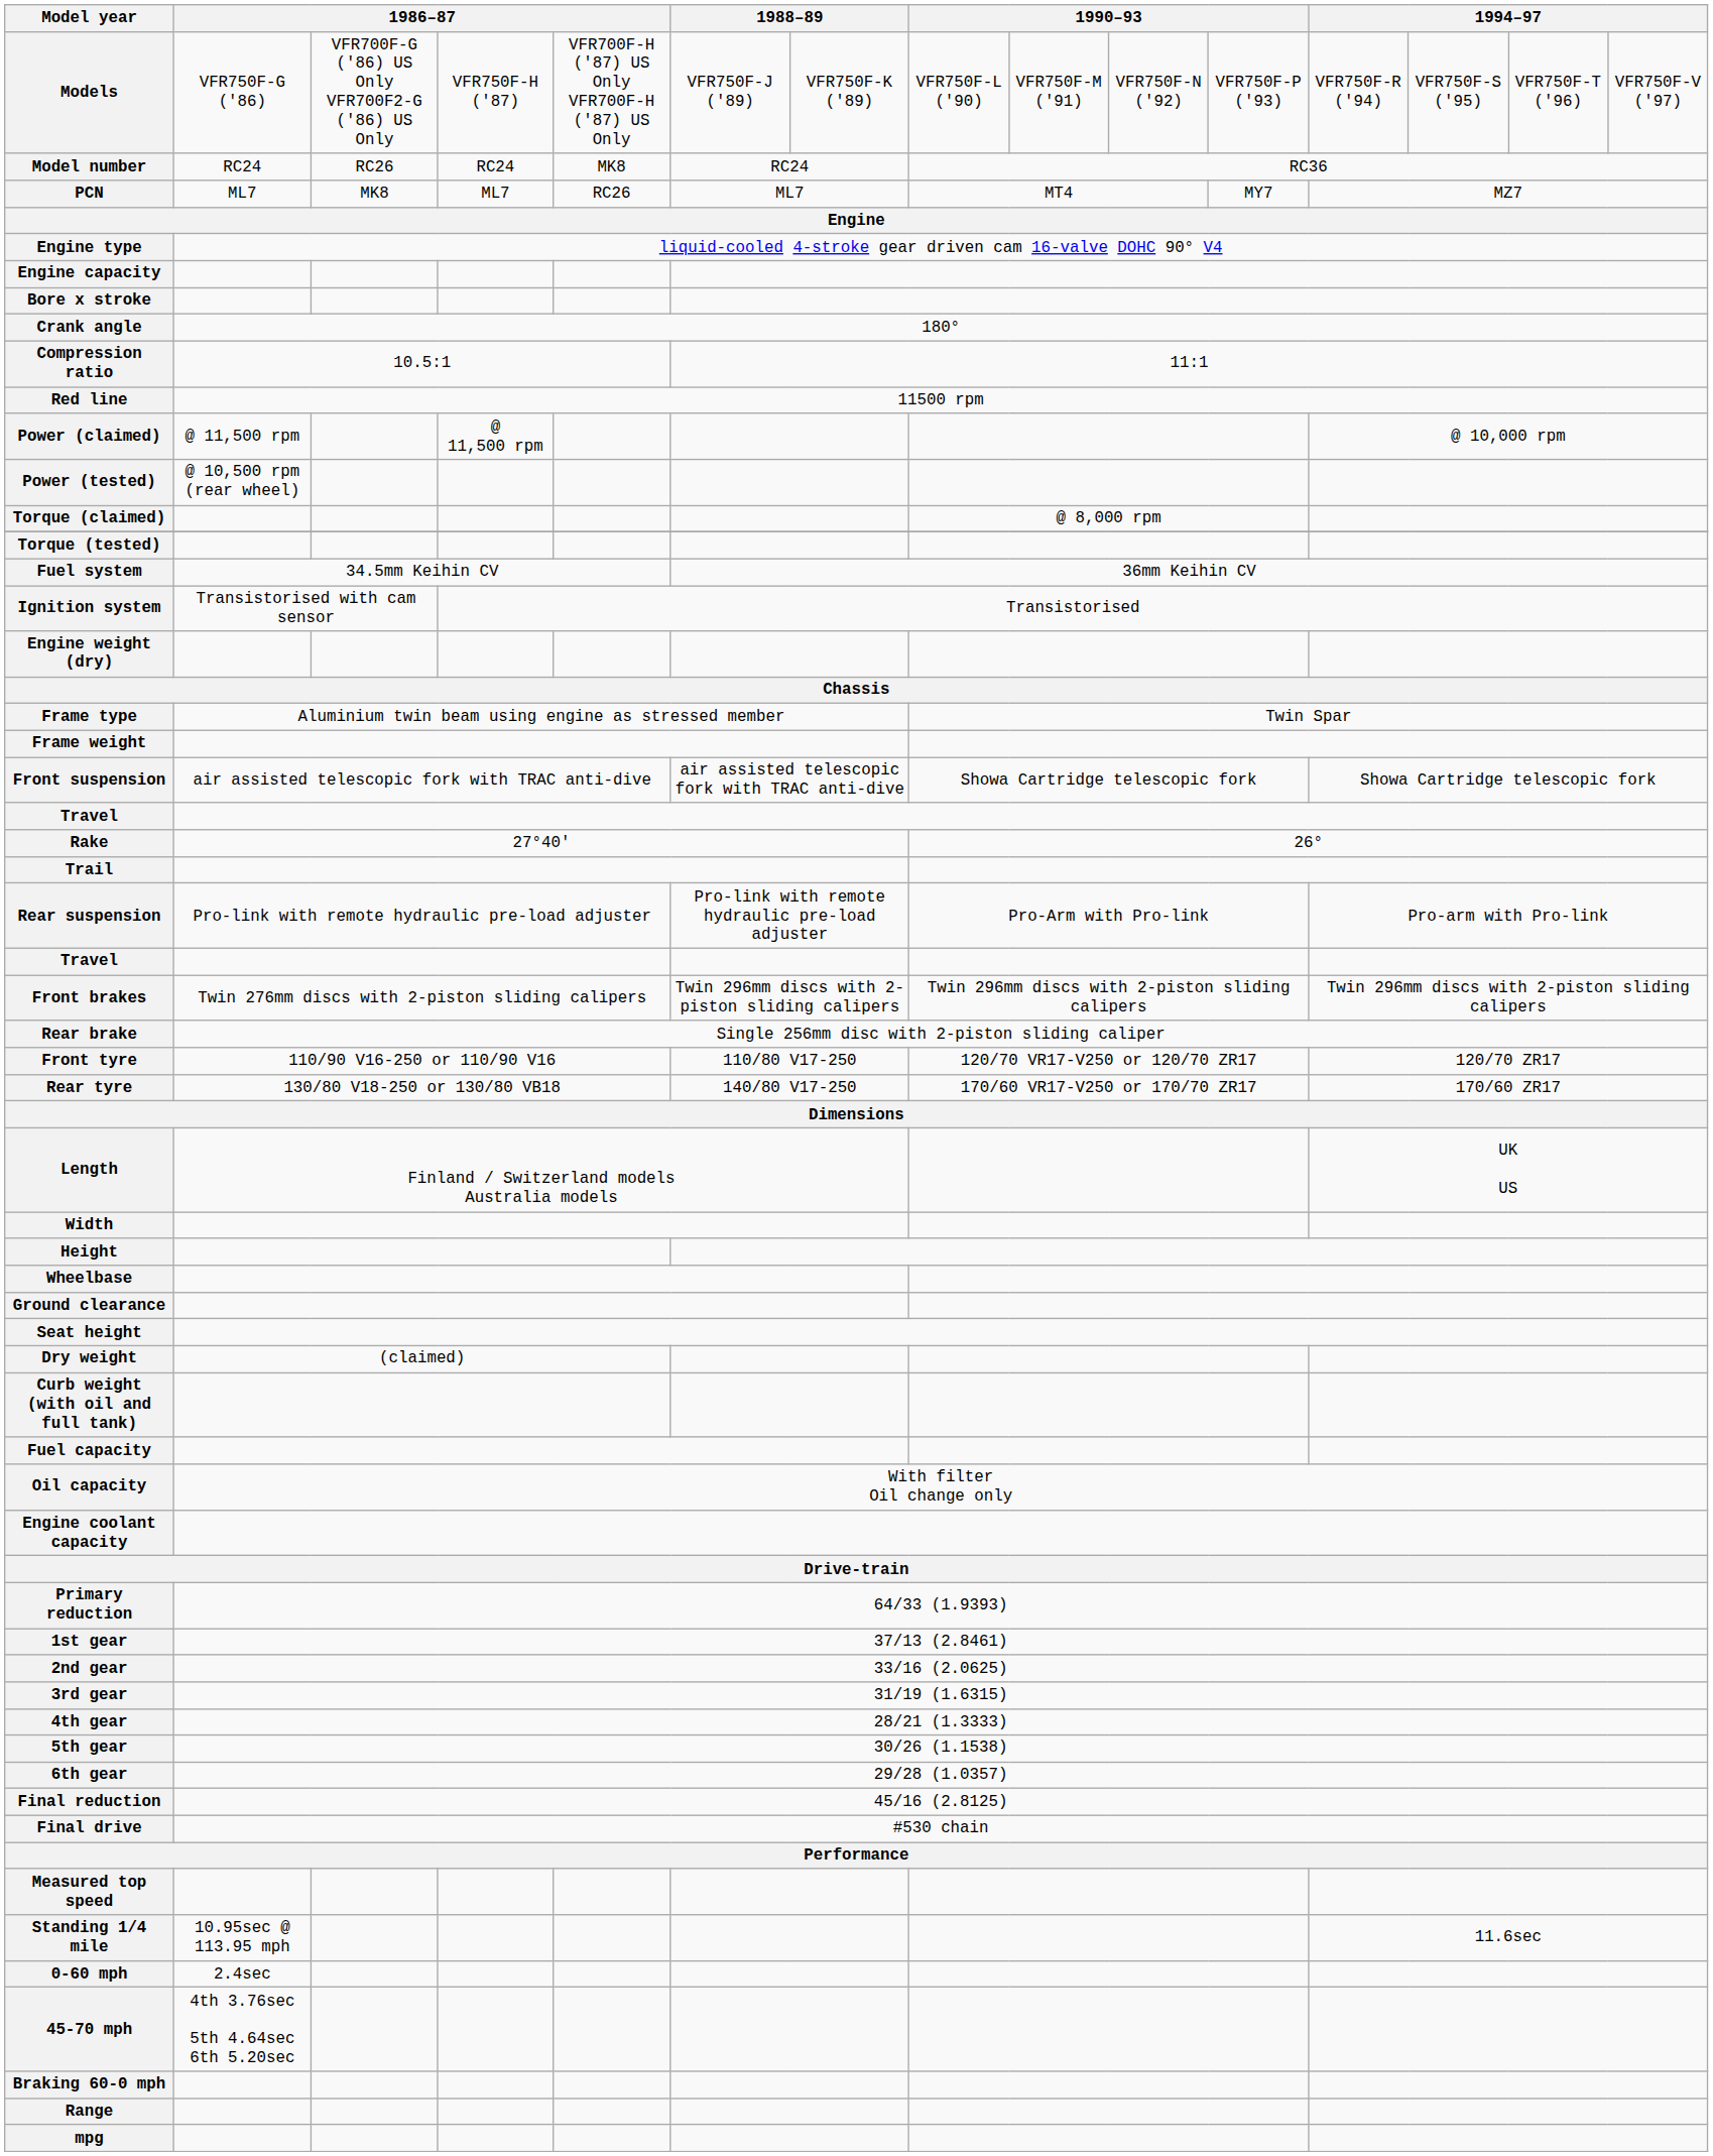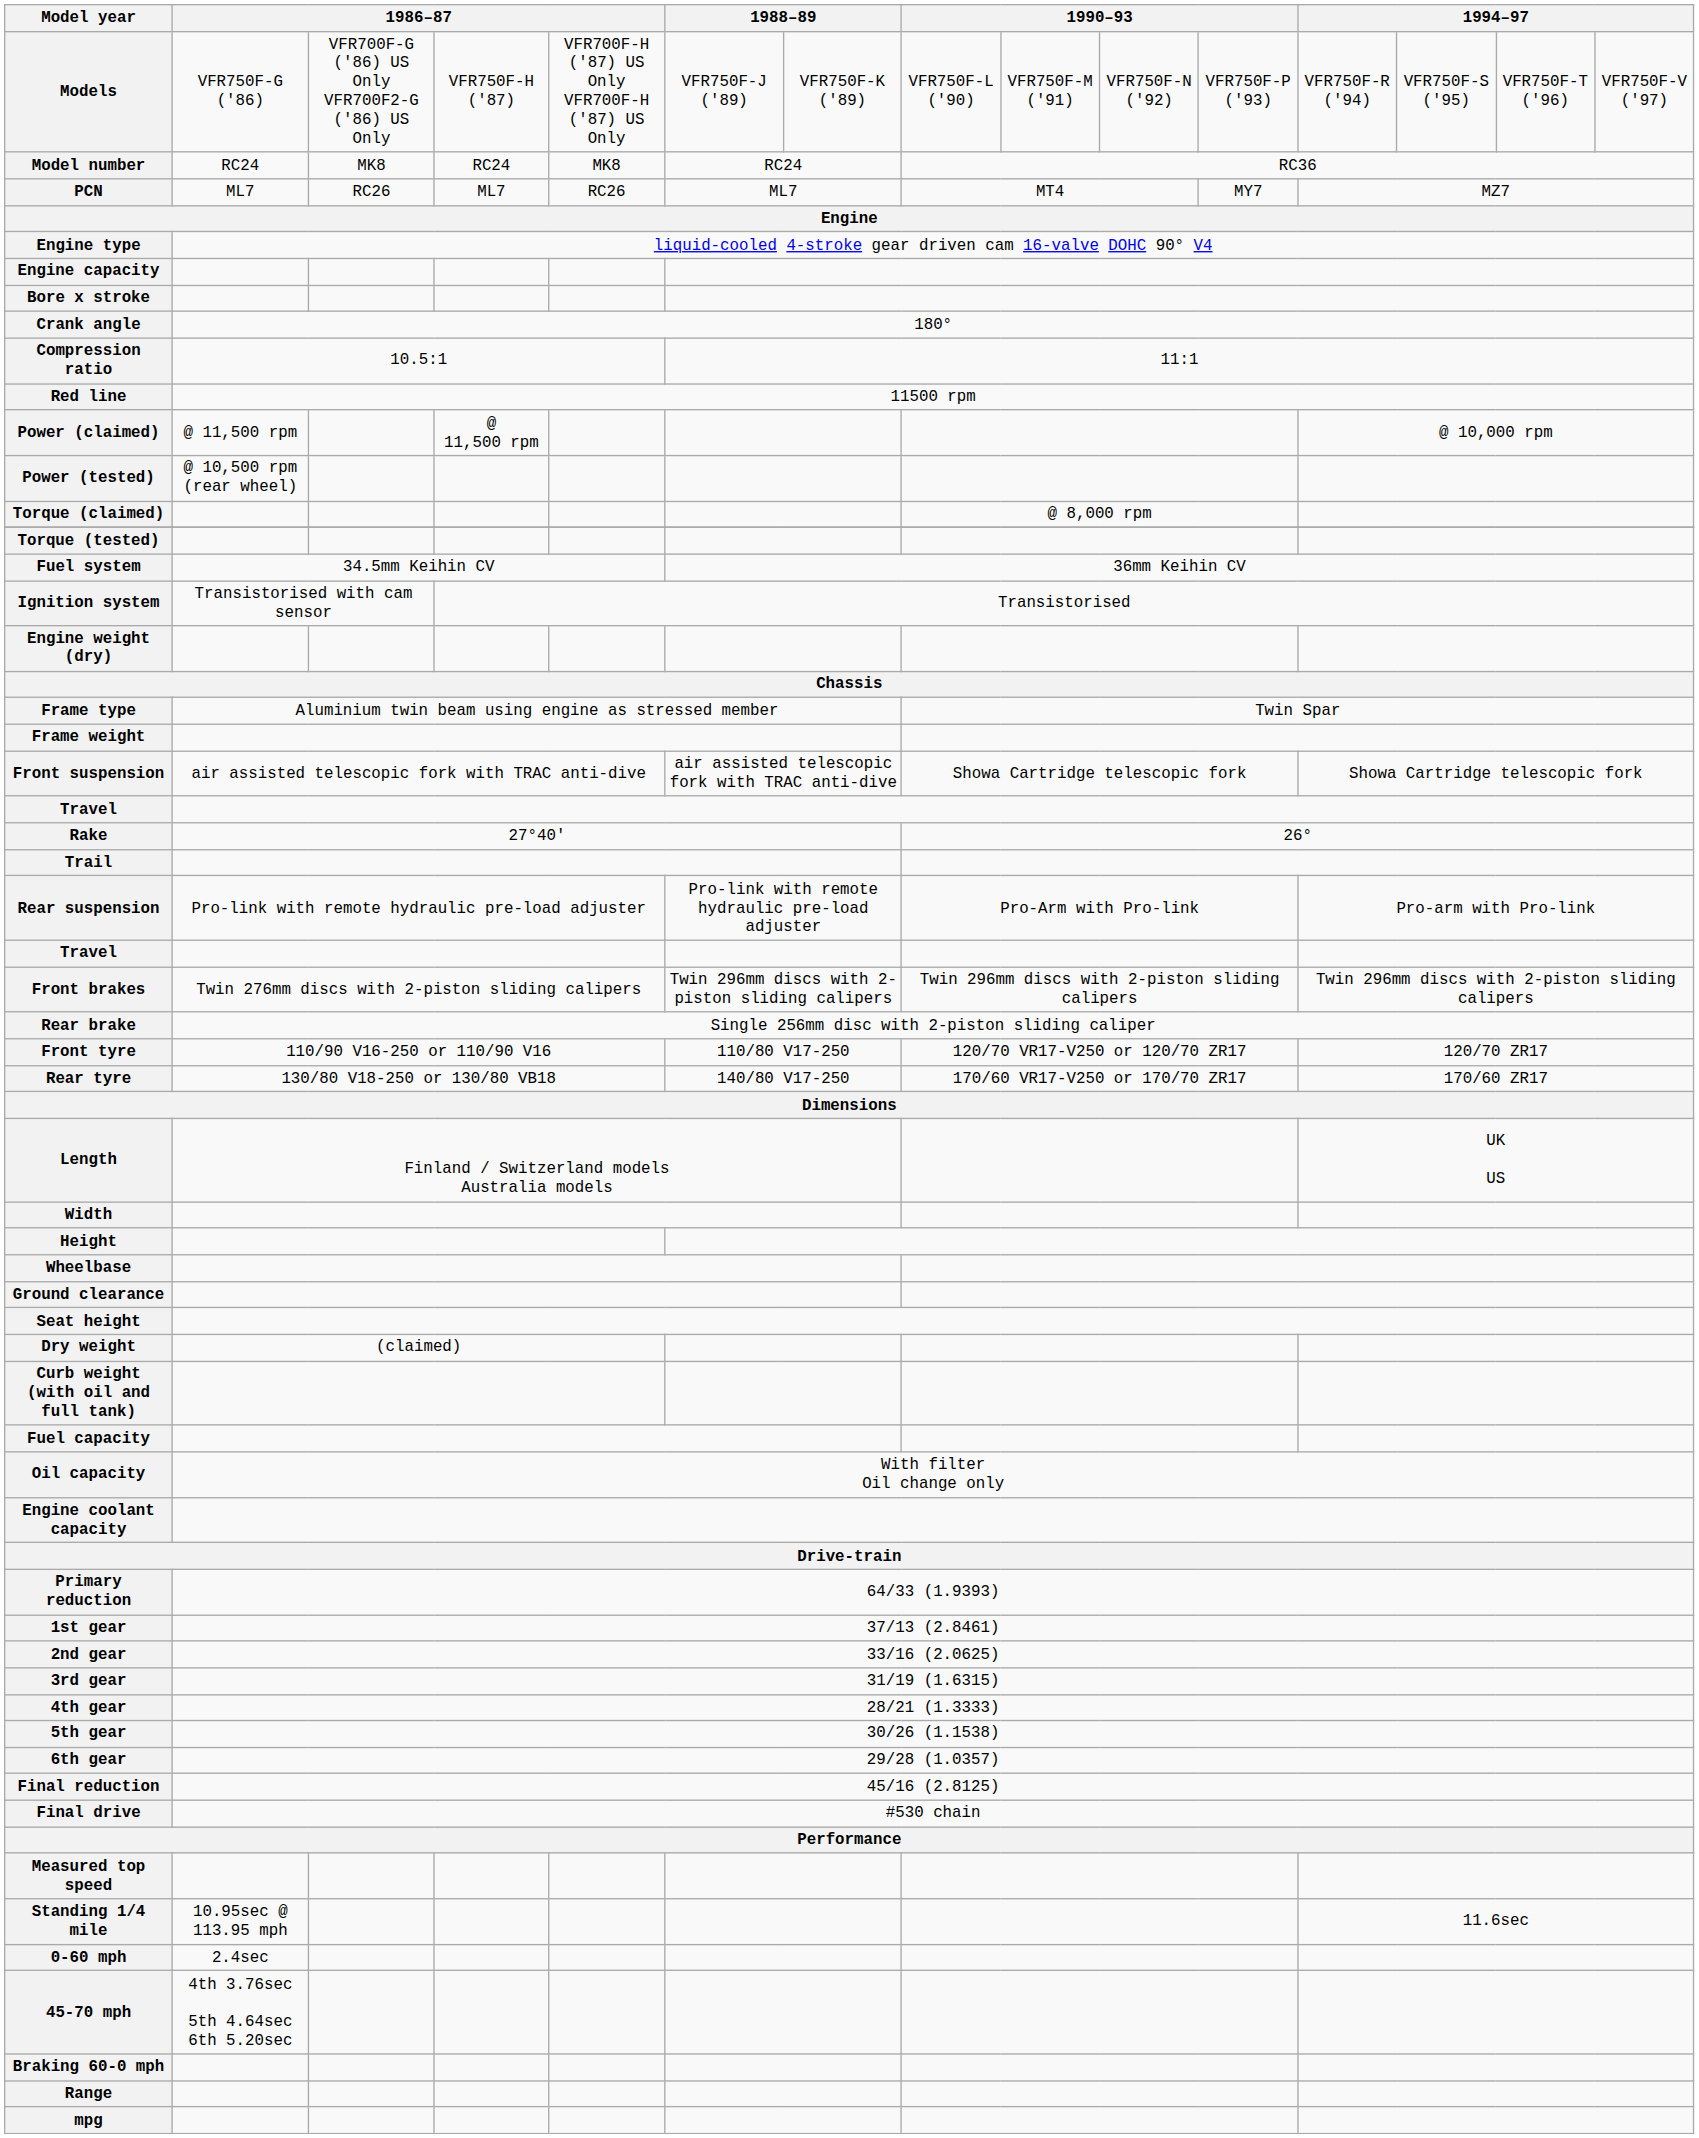 <table class="wikitable" style="text-align:center; font-size: 90%;">
 <tr>
 <th>Model year</th>
 <th colspan="4">1986–87</th>
 <th colspan="2">1988–89</th>
 <th colspan="4">1990–93</th>
 <th colspan="4">1994–97</th>
 </tr>
 <tr>
 <th>Models</th>
 <td>VFR750F-G ('86)</td>
 <td>VFR700F-G ('86) US Only<br>VFR700F2-G ('86) US Only</td>
 <td>VFR750F-H ('87)</td>
 <td>VFR700F-H ('87) US Only<br>VFR700F-H ('87) US Only</td>
 <td>VFR750F-J ('89)</td>
 <td>VFR750F-K ('89)</td>
 <td>VFR750F-L ('90)</td>
 <td>VFR750F-M ('91)</td>
 <td>VFR750F-N ('92)</td>
 <td>VFR750F-P ('93)</td>
 <td>VFR750F-R ('94)</td>
 <td>VFR750F-S ('95)</td>
 <td>VFR750F-T ('96)</td>
 <td>VFR750F-V ('97)</td>
 </tr>
 <tr>
 <th>Model number</th>
 <td>RC24</td>
-<td>RC26</td>
+<td>MK8</td>
 <td>RC24</td>
 <td>MK8</td>
 <td colspan="2">RC24</td>
 <td colspan="8">RC36</td>
 </tr>
 <tr>
 <th>PCN</th>
 <td>ML7</td>
-<td>MK8</td>
+<td>RC26</td>
 <td>ML7</td>
 <td>RC26</td>
 <td colspan="2">ML7</td>
 <td colspan="3">MT4</td>
 <td>MY7</td>
 <td colspan="4">MZ7</td>
 </tr>
 <tr>
 <th colspan="15">Engine</th>
 </tr>
 <tr>
 <th>Engine type</th>
 <td colspan="14"><a href='#'>liquid-cooled</a> <a href='#'>4-stroke</a> gear driven cam <a href='#'>16-valve</a> <a href='#'>DOHC</a> 90° <a href='#'>V4</a></td>
 </tr>
 <tr>
 <th>Engine capacity</th>
 <td></td>
 <td></td>
 <td></td>
 <td></td>
 <td colspan="12"></td>
 </tr>
 <tr>
 <th>Bore x stroke</th>
 <td></td>
 <td></td>
 <td></td>
 <td></td>
 <td colspan="12"></td>
 </tr>
 <tr>
 <th>Crank angle</th>
 <td colspan="14">180°</td>
 </tr>
 <tr>
 <th>Compression ratio</th>
 <td colspan="4">10.5:1</td>
 <td colspan="10">11:1</td>
 </tr>
 <tr>
 <th>Red line</th>
 <td colspan="14">11500 rpm</td>
 </tr>
 <tr>
 <th>Power (claimed)</th>
 <td> @ 11,500 rpm</td>
 <td></td>
 <td> @ 11,500 rpm</td>
 <td></td>
 <td colspan="2"></td>
 <td colspan="4"></td>
 <td colspan="4"> @ 10,000 rpm</td>
 </tr>
 <tr>
 <th>Power (tested)</th>
 <td> @ 10,500 rpm (rear wheel)</td>
 <td></td>
 <td></td>
 <td></td>
 <td colspan="2"></td>
 <td colspan="4"></td>
 <td colspan="4"></td>
 </tr>
 <tr>
 <th>Torque (claimed)</th>
 <td></td>
 <td></td>
 <td></td>
 <td></td>
 <td colspan="2"></td>
 <td colspan="4"> @ 8,000 rpm</td>
 <td colspan="4"></td>
 </tr>
 <tr>
 </tr>
 <tr>
 <th>Torque (tested)</th>
 <td></td>
 <td></td>
 <td></td>
 <td></td>
 <td colspan="2"></td>
 <td colspan="4"></td>
 <td colspan="4"></td>
 </tr>
 <tr>
 <th>Fuel system</th>
 <td colspan="4">34.5mm Keihin CV</td>
 <td colspan="10">36mm Keihin CV</td>
 </tr>
 <tr>
 <th>Ignition system</th>
 <td colspan="2">Transistorised with cam sensor</td>
 <td colspan="12">Transistorised</td>
 </tr>
 <tr>
 <th>Engine weight (dry)</th>
 <td></td>
 <td></td>
 <td></td>
 <td></td>
 <td colspan="2"></td>
 <td colspan="4"></td>
 <td colspan="4"></td>
 </tr>
 <tr>
 <th colspan="15">Chassis</th>
 </tr>
 <tr>
 <th>Frame type</th>
 <td colspan="6">Aluminium twin beam using engine as stressed member</td>
 <td colspan="8">Twin Spar</td>
 </tr>
 <tr>
 <th>Frame weight</th>
 <td colspan="6"></td>
 <td colspan="8"></td>
 </tr>
 <tr>
 <th>Front suspension</th>
 <td colspan="4"> air assisted telescopic fork with TRAC anti-dive</td>
 <td colspan="2">  air assisted telescopic fork with TRAC anti-dive</td>
 <td colspan="4"> Showa Cartridge telescopic fork</td>
 <td colspan="4"> Showa Cartridge telescopic fork</td>
 </tr>
 <tr>
 <th>Travel</th>
 <td colspan="14"></td>
 </tr>
 <tr>
 <th>Rake</th>
 <td colspan="6">27°40'</td>
 <td colspan="8">26°</td>
 </tr>
 <tr>
 <th>Trail</th>
 <td colspan="6"></td>
 <td colspan="8"></td>
 </tr>
 <tr>
 <th>Rear suspension</th>
 <td colspan="4">Pro-link with remote hydraulic pre-load adjuster</td>
 <td colspan="2">Pro-link with remote hydraulic pre-load adjuster</td>
 <td colspan="4">Pro-Arm with Pro-link</td>
 <td colspan="4">Pro-arm with Pro-link</td>
 </tr>
 <tr>
 <th>Travel</th>
 <td colspan="4"></td>
 <td colspan="2"></td>
 <td colspan="4"></td>
 <td colspan="4"></td>
 </tr>
 <tr>
 <th>Front brakes</th>
 <td colspan="4">Twin 276mm discs with 2-piston sliding calipers</td>
 <td colspan="2">Twin 296mm discs with 2-piston sliding calipers</td>
 <td colspan="4">Twin 296mm discs with 2-piston sliding calipers</td>
 <td colspan="4">Twin 296mm discs with 2-piston sliding calipers</td>
 </tr>
 <tr>
 <th>Rear brake</th>
 <td colspan="14">Single 256mm disc with 2-piston sliding caliper</td>
 </tr>
 <tr>
 <th>Front tyre</th>
 <td colspan="4">110/90 V16-250 or 110/90 V16</td>
 <td colspan="2">110/80 V17-250</td>
 <td colspan="4">120/70 VR17-V250 or 120/70 ZR17</td>
 <td colspan="4">120/70 ZR17</td>
 </tr>
 <tr>
 <th>Rear tyre</th>
 <td colspan="4">130/80 V18-250 or 130/80 VB18</td>
 <td colspan="2">140/80 V17-250</td>
 <td colspan="4">170/60 VR17-V250 or 170/70 ZR17</td>
 <td colspan="4">170/60 ZR17</td>
 </tr>
 <tr>
 <th colspan="15">Dimensions</th>
 </tr>
 <tr>
 <th>Length</th>
 <td colspan="6"> <br><br>Finland / Switzerland models <br>  Australia models </td>
 <td colspan="4"></td>
 <td colspan="4">UK  <br><br>US </td>
 </tr>
 <tr>
 <th>Width</th>
 <td colspan="6"></td>
 <td colspan="4"></td>
 <td colspan="4"></td>
 </tr>
 <tr>
 <th>Height</th>
 <td colspan="4"></td>
 <td colspan="10"></td>
 </tr>
 <tr>
 <th>Wheelbase</th>
 <td colspan="6"></td>
 <td colspan="8"></td>
 </tr>
 <tr>
 <th>Ground clearance</th>
 <td colspan="6"></td>
 <td colspan="8"></td>
 </tr>
 <tr>
 <th>Seat height</th>
 <td colspan="14"></td>
 </tr>
 <tr>
 <th>Dry weight</th>
 <td colspan="4"> (claimed)</td>
 <td colspan="2"></td>
 <td colspan="4"></td>
 <td colspan="4"></td>
 </tr>
 <tr>
 <th>Curb weight (with oil and full tank)</th>
 <td colspan="4"></td>
 <td colspan="2"></td>
 <td colspan="4"></td>
 <td colspan="4"></td>
 </tr>
 <tr>
 <th>Fuel capacity</th>
 <td colspan="6"></td>
 <td colspan="4"></td>
 <td colspan="4"></td>
 </tr>
 <tr>
 <th>Oil capacity</th>
 <td colspan="14">With filter  <br> Oil change only </td>
 </tr>
 <tr>
 <th>Engine coolant capacity</th>
 <td colspan="14"></td>
 </tr>
 <tr>
 <th colspan="15">Drive-train</th>
 </tr>
 <tr>
 <th>Primary reduction</th>
 <td colspan="16">64/33 (1.9393)</td>
 </tr>
 <tr>
 <th>1st gear</th>
 <td colspan="16">37/13 (2.8461)</td>
 </tr>
 <tr>
 <th>2nd gear</th>
 <td colspan="16">33/16 (2.0625)</td>
 </tr>
 <tr>
 <th>3rd gear</th>
 <td colspan="16">31/19 (1.6315)</td>
 </tr>
 <tr>
 <th>4th gear</th>
 <td colspan="16">28/21 (1.3333)</td>
 </tr>
 <tr>
 <th>5th gear</th>
 <td colspan="16">30/26 (1.1538)</td>
 </tr>
 <tr>
 <th>6th gear</th>
 <td colspan="16">29/28 (1.0357)</td>
 </tr>
 <tr>
 <th>Final reduction</th>
 <td colspan="16">45/16 (2.8125)</td>
 </tr>
 <tr>
 <th>Final drive</th>
 <td colspan="16">#530 chain</td>
 </tr>
 <tr>
 <th colspan="15">Performance</th>
 </tr>
 <tr>
 <th>Measured top speed</th>
 <td></td>
 <td></td>
 <td></td>
 <td></td>
 <td colspan="2"></td>
 <td colspan="4"></td>
 <td colspan="4"></td>
 </tr>
 <tr>
 <th>Standing 1/4 mile</th>
 <td>10.95sec @ 113.95 mph</td>
 <td></td>
 <td></td>
 <td></td>
 <td colspan="2"></td>
 <td colspan="4"></td>
 <td colspan="4">11.6sec</td>
 </tr>
 <tr>
 <th>0-60 mph</th>
 <td>2.4sec</td>
 <td></td>
 <td></td>
 <td></td>
 <td colspan="2"></td>
 <td colspan="4"></td>
 <td colspan="4"></td>
 </tr>
 <tr>
 <th>45-70 mph</th>
 <td>4th 3.76sec <br><br>5th 4.64sec <br> 6th 5.20sec</td>
 <td></td>
 <td></td>
 <td></td>
 <td colspan="2"></td>
 <td colspan="4"></td>
 <td colspan="4"></td>
 </tr>
 <tr>
 <th>Braking 60-0 mph</th>
 <td></td>
 <td></td>
 <td></td>
 <td></td>
 <td colspan="2"></td>
 <td colspan="4"></td>
 <td colspan="4"></td>
 </tr>
 <tr>
 <th>Range</th>
 <td></td>
 <td></td>
 <td></td>
 <td></td>
 <td colspan="2"></td>
 <td colspan="4"></td>
 <td colspan="4"></td>
 </tr>
 <tr>
 <th>mpg</th>
 <td></td>
 <td></td>
 <td></td>
 <td></td>
 <td colspan="2"></td>
 <td colspan="4"></td>
 <td colspan="4"></td>
 </tr>
 <tr>
 </tr>
 </table>
